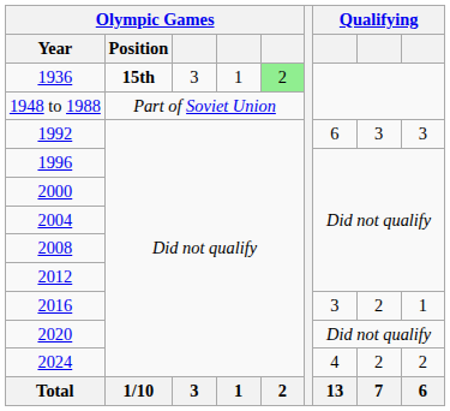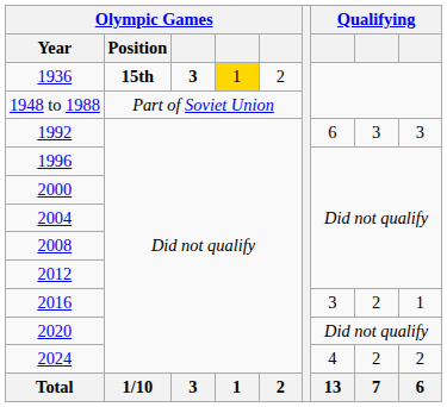 <table class="wikitable" style="text-align: center;font-size:90%;">
 <tr>
 <th colspan=5><a href='#'>Olympic Games</a></th>
 <th rowspan=14></th>
 <th colspan=3><a href='#'>Qualifying</a></th>
 </tr>
 <tr>
 <th>Year</th>
 <th>Position</th>
 <th width=30></th>
 <th width=30></th>
 <th width=30></th>
 <th width=30></th>
 <th width=30></th>
 <th width=30></th>
 </tr>
 <tr>
 <td> <a href='#'>1936</a></td>
 <td><strong>15th</strong></td>
-<td>3</td>
-<td>1</td>
-<td style="background: lightgreen;">2</td>
+<td><strong>3</strong></td>
+<td style="background: gold;">1</td>
+<td>2</td>
 </tr>
 <tr>
 <td><a href='#'>1948</a> to <a href='#'>1988</a></td>
 <td colspan=4><em>Part of <a href='#'>Soviet Union</a></em></td>
 </tr>
 <tr>
 <td> <a href='#'>1992</a></td>
 <td colspan=4 rowspan=9><em>Did not qualify</em></td>
 <td>6</td>
 <td>3</td>
 <td>3</td>
 </tr>
 <tr>
 <td> <a href='#'>1996</a></td>
 <td colspan=3 rowspan=5><em>Did not qualify</em></td>
 </tr>
 <tr>
 <td> <a href='#'>2000</a></td>
 </tr>
 <tr>
 <td> <a href='#'>2004</a></td>
 </tr>
 <tr>
 <td> <a href='#'>2008</a></td>
 </tr>
 <tr>
 <td> <a href='#'>2012</a></td>
 </tr>
 <tr>
 <td> <a href='#'>2016</a></td>
 <td>3</td>
 <td>2</td>
 <td>1</td>
 </tr>
 <tr>
 <td> <a href='#'>2020</a></td>
 <td colspan=3><em>Did not qualify</em></td>
 </tr>
 <tr>
 <td> <a href='#'>2024</a></td>
 <td>4</td>
 <td>2</td>
 <td>2</td>
 </tr>
 <tr>
 <th>Total</th>
 <th>1/10</th>
 <th>3</th>
 <th>1</th>
 <th>2</th>
 <th>13</th>
 <th>7</th>
 <th>6</th>
 </tr>
 </table>
